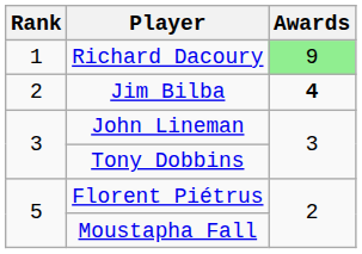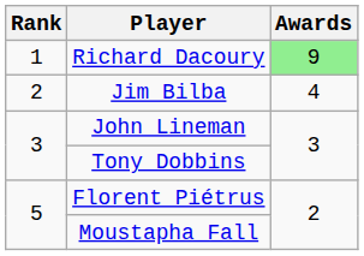 <table class="wikitable" style="text-align:center;">
 <tr>
 <th>Rank</th>
 <th>Player</th>
 <th>Awards</th>
 </tr>
 <tr>
 <td>1</td>
 <td><a href='#'>Richard Dacoury</a></td>
 <td style="background: lightgreen;">9</td>
 </tr>
 <tr>
 <td>2</td>
 <td><a href='#'>Jim Bilba</a></td>
-<td><strong>4</strong></td>
+<td>4</td>
 </tr>
 <tr>
 <td rowspan="2">3</td>
 <td><a href='#'>John Lineman</a></td>
 <td rowspan="2">3</td>
 </tr>
 <tr>
 <td><a href='#'>Tony Dobbins</a></td>
 </tr>
 <tr>
 <td rowspan="2">5</td>
 <td><a href='#'>Florent Piétrus</a></td>
 <td rowspan="2">2</td>
 </tr>
 <tr>
 <td><a href='#'>Moustapha Fall</a></td>
 </tr>
 </table>
